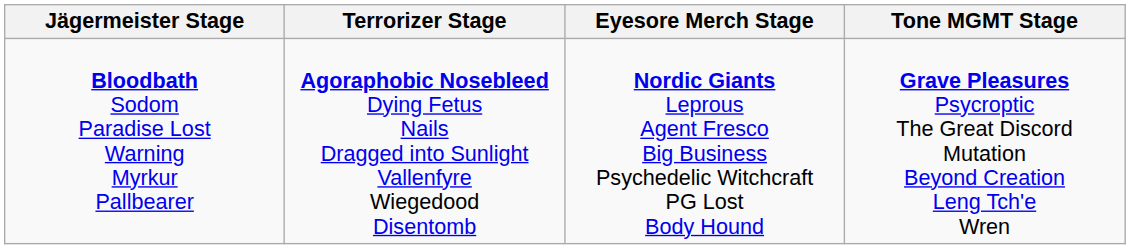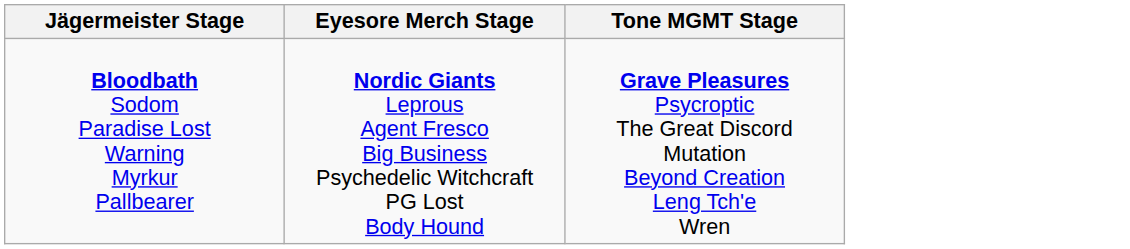 <table class="wikitable">
 <tr>
 <th>Jägermeister Stage</th>
-<th>Terrorizer Stage</th>
 <th>Eyesore Merch Stage</th>
 <th>Tone MGMT Stage</th>
 </tr>
 <tr>
 <td valign="top" align="center" width=200><br><strong><a href='#'>Bloodbath</a></strong><br> <a href='#'>Sodom</a><br> <a href='#'>Paradise Lost</a><br> <a href='#'>Warning</a><br> <a href='#'>Myrkur</a><br> <a href='#'>Pallbearer</a></td>
-<td valign="top" align="center" width=200><br><strong><a href='#'>Agoraphobic Nosebleed</a></strong><br> <a href='#'>Dying Fetus</a><br> <a href='#'>Nails</a><br> <a href='#'>Dragged into Sunlight</a><br> <a href='#'>Vallenfyre</a><br> Wiegedood<br> <a href='#'>Disentomb</a></td>
 <td valign="top" align="center" width=200><br><strong><a href='#'>Nordic Giants</a></strong><br> <a href='#'>Leprous</a><br> <a href='#'>Agent Fresco</a><br> <a href='#'>Big Business</a><br> Psychedelic Witchcraft<br> PG Lost<br> <a href='#'>Body Hound</a></td>
 <td valign="top" align="center" width=200><br><strong><a href='#'>Grave Pleasures</a></strong><br> <a href='#'>Psycroptic</a><br> The Great Discord<br> Mutation<br> <a href='#'>Beyond Creation</a><br> <a href='#'>Leng Tch'e</a><br> Wren</td>
 </tr>
 </table>
